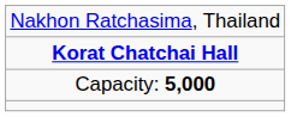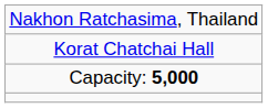 <table class="wikitable" style="text-align:center">
 <tr>
 <td><a href='#'>Nakhon Ratchasima</a>, Thailand</td>
 </tr>
 <tr>
-<td><strong><a href='#'>Korat Chatchai Hall</a></strong></td>
+<td><a href='#'>Korat Chatchai Hall</a></td>
 </tr>
 <tr>
 <td>Capacity: <strong>5,000</strong></td>
 </tr>
 <tr>
 <td></td>
 </tr>
 </table>
